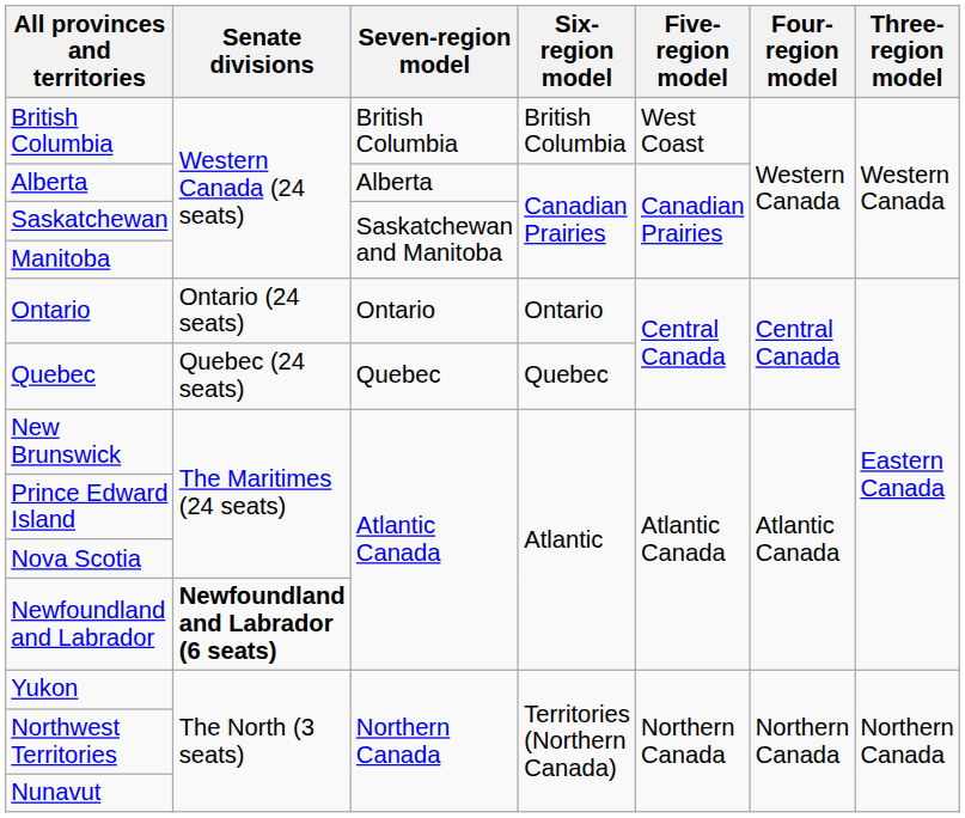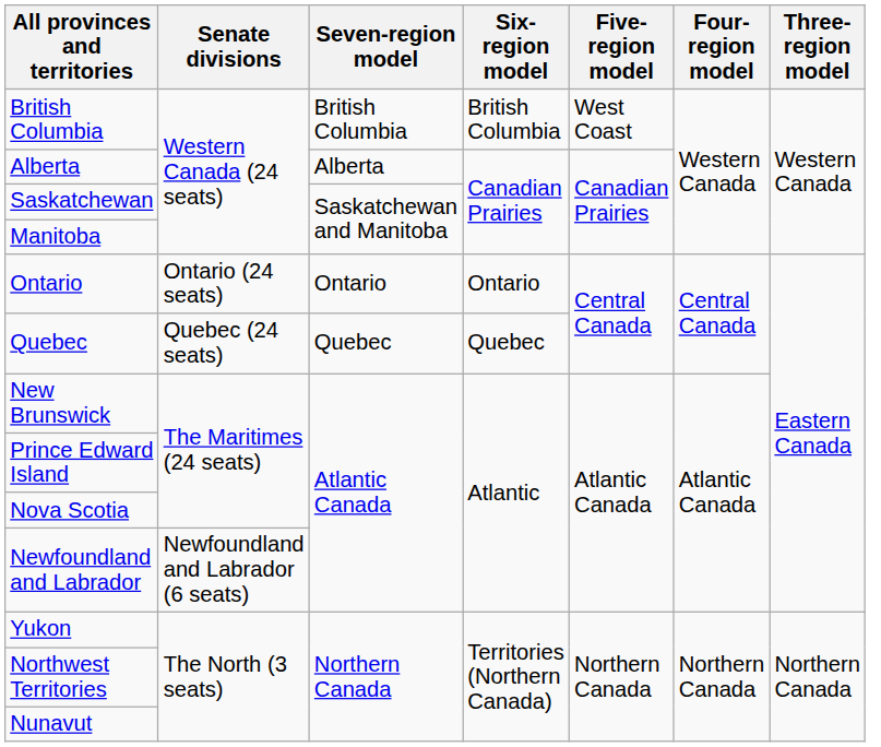 <table class="wikitable">
 <tr>
 <th scope="col">All provinces and territories</th>
 <th scope="col">Senate divisions</th>
 <th scope="col">Seven-region model</th>
 <th scope="col">Six-region model</th>
 <th scope="col">Five-region model</th>
 <th scope="col">Four-region model</th>
 <th scope="col">Three-region model</th>
 </tr>
 <tr>
 <td><a href='#'>British Columbia</a></td>
 <td rowspan=4><a href='#'>Western Canada</a> (24 seats)</td>
 <td>British Columbia</td>
 <td>British Columbia</td>
 <td>West Coast</td>
 <td rowspan=4>Western Canada</td>
 <td rowspan=4>Western Canada</td>
 </tr>
 <tr>
 <td><a href='#'>Alberta</a></td>
 <td>Alberta</td>
 <td rowspan=3><a href='#'>Canadian Prairies</a></td>
 <td rowspan=3><a href='#'>Canadian Prairies</a></td>
 </tr>
 <tr>
 <td><a href='#'>Saskatchewan</a></td>
 <td rowspan=2>Saskatchewan and Manitoba</td>
 </tr>
 <tr>
 <td><a href='#'>Manitoba</a></td>
 </tr>
 <tr>
 <td><a href='#'>Ontario</a></td>
 <td>Ontario (24 seats)</td>
 <td>Ontario</td>
 <td>Ontario</td>
 <td rowspan=2><a href='#'>Central Canada</a></td>
 <td rowspan=2><a href='#'>Central Canada</a></td>
 <td rowspan=6><a href='#'>Eastern Canada</a></td>
 </tr>
 <tr>
 <td><a href='#'>Quebec</a></td>
 <td>Quebec (24 seats)</td>
 <td>Quebec</td>
 <td>Quebec</td>
 </tr>
 <tr>
 <td><a href='#'>New Brunswick</a></td>
 <td rowspan=3><a href='#'>The Maritimes</a> (24 seats)</td>
 <td rowspan=4><a href='#'>Atlantic Canada</a></td>
 <td rowspan=4>Atlantic</td>
 <td rowspan=4>Atlantic Canada</td>
 <td rowspan=4>Atlantic Canada</td>
 </tr>
 <tr>
 <td><a href='#'>Prince Edward Island</a></td>
 </tr>
 <tr>
 <td><a href='#'>Nova Scotia</a></td>
 </tr>
 <tr>
 <td><a href='#'>Newfoundland and Labrador</a></td>
-<td><strong>Newfoundland and Labrador (6 seats)</strong></td>
+<td>Newfoundland and Labrador (6 seats)</td>
 </tr>
 <tr>
 <td><a href='#'>Yukon</a></td>
 <td rowspan=3>The North (3 seats)</td>
 <td rowspan=3><a href='#'>Northern Canada</a></td>
 <td rowspan=3>Territories (Northern Canada)</td>
 <td rowspan=3>Northern Canada</td>
 <td rowspan=3>Northern Canada</td>
 <td rowspan=3>Northern Canada</td>
 </tr>
 <tr>
 <td><a href='#'>Northwest Territories</a></td>
 </tr>
 <tr>
 <td><a href='#'>Nunavut</a></td>
 </tr>
 </table>
